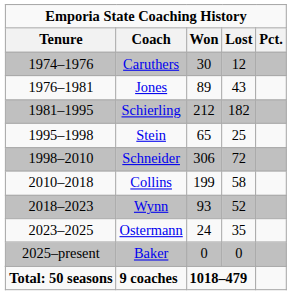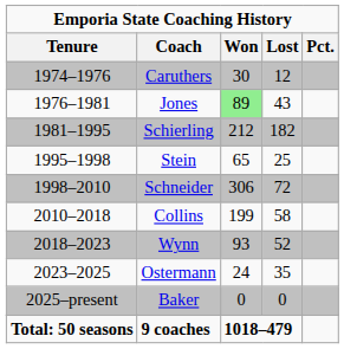 <table class="wikitable" style="float:right; font-size:85%; clear:right; margin:0 0 1em 1em;">
 <tr>
 <td colspan="5" style="text-align:center; font-size:100%; "><strong>Emporia State Coaching History</strong></td>
 </tr>
 <tr>
 <th>Tenure</th>
 <th>Coach</th>
 <th>Won</th>
 <th>Lost</th>
 <th>Pct.</th>
 </tr>
 <tr style="text-align:center; background:silver;">
 <td>1974–1976</td>
 <td><a href='#'>Caruthers</a></td>
 <td>30</td>
 <td>12</td>
 <td></td>
 </tr>
 <tr style="text-align:center;">
 <td>1976–1981</td>
 <td><a href='#'>Jones</a></td>
-<td>89</td>
+<td style="background: lightgreen;">89</td>
 <td>43</td>
 <td></td>
 </tr>
 <tr style="text-align:center; background:silver;">
 <td>1981–1995</td>
 <td><a href='#'>Schierling</a></td>
 <td>212</td>
 <td>182</td>
 <td></td>
 </tr>
 <tr style="text-align:center;">
 <td>1995–1998</td>
 <td><a href='#'>Stein</a></td>
 <td>65</td>
 <td>25</td>
 <td></td>
 </tr>
 <tr style="text-align:center; background:silver;">
 <td>1998–2010</td>
 <td><a href='#'>Schneider</a></td>
 <td>306</td>
 <td>72</td>
 <td></td>
 </tr>
 <tr style="text-align:center;">
 <td>2010–2018</td>
 <td><a href='#'>Collins</a></td>
 <td>199</td>
 <td>58</td>
 <td></td>
 </tr>
 <tr style="text-align:center; background:silver;">
 <td>2018–2023</td>
 <td><a href='#'>Wynn</a></td>
 <td>93</td>
 <td>52</td>
 <td></td>
 </tr>
 <tr style="text-align:center;">
 <td>2023–2025</td>
 <td><a href='#'>Ostermann</a></td>
 <td>24</td>
 <td>35</td>
 <td></td>
 </tr>
 <tr style="text-align:center; background:silver;">
 <td>2025–present</td>
 <td><a href='#'>Baker</a></td>
 <td>0</td>
 <td>0</td>
 <td></td>
 </tr>
 <tr style="text-align:center;">
 </tr>
 <tr>
 <td><strong>Total: 50 seasons</strong></td>
 <td><strong>9 coaches</strong></td>
 <td colspan=2><strong>1018–479</strong></td>
 <td><strong></strong></td>
 </tr>
 </table>
